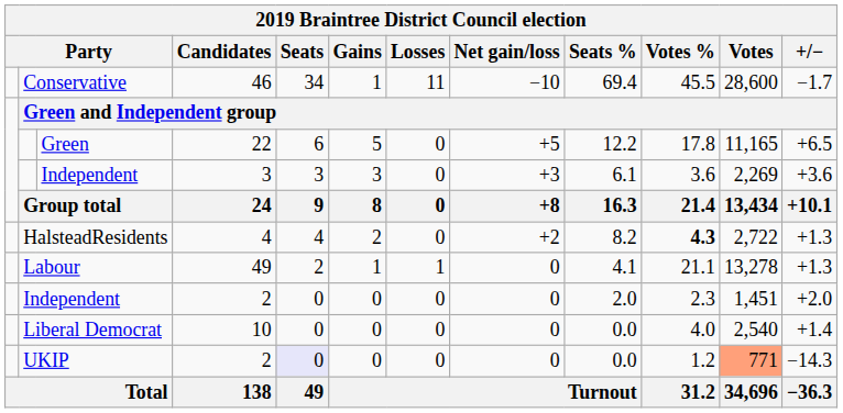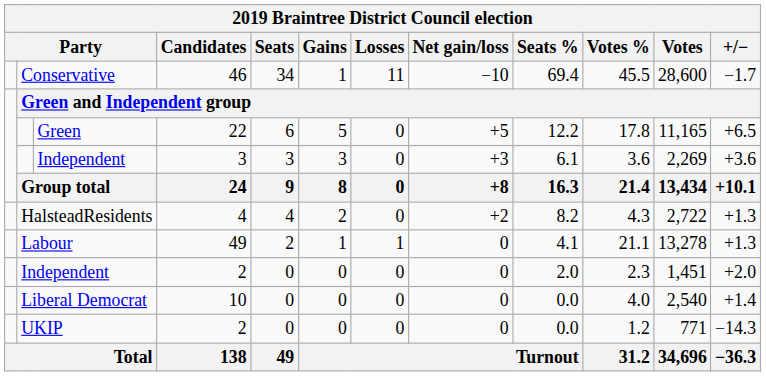 <table class="wikitable">
 <tr>
 <th colspan="12">2019 Braintree District Council election</th>
 </tr>
 <tr>
 <th colspan="3">Party</th>
 <th>Candidates</th>
 <th>Seats</th>
 <th>Gains</th>
 <th>Losses</th>
 <th>Net gain/loss</th>
 <th>Seats %</th>
 <th>Votes %</th>
 <th>Votes</th>
 <th>+/−</th>
 </tr>
 <tr>
 <td style="background-color: "> </td>
 <td colspan="2"><a href='#'>Conservative</a></td>
 <td style="text-align: right">46</td>
 <td style="text-align: right">34</td>
 <td style="text-align: right">1</td>
 <td style="text-align: right">11</td>
 <td style="text-align: right">−10</td>
 <td style="text-align: right">69.4</td>
 <td style="text-align: right">45.5</td>
 <td style="text-align: right">28,600</td>
 <td style="text-align: right">−1.7</td>
 </tr>
 <tr>
 <td rowspan="4"></td>
 <th colspan="11" style="text-align: left"><a href='#'>Green</a> and <a href='#'>Independent</a> group</th>
 </tr>
 <tr>
 <td style="background-color: "> </td>
 <td><a href='#'>Green</a></td>
 <td style="text-align: right">22</td>
 <td style="text-align: right">6</td>
 <td style="text-align: right">5</td>
 <td style="text-align: right">0</td>
 <td style="text-align: right">+5</td>
 <td style="text-align: right">12.2</td>
 <td style="text-align: right">17.8</td>
 <td style="text-align: right">11,165</td>
 <td style="text-align: right">+6.5</td>
 </tr>
 <tr>
 <td style="background-color: "> </td>
 <td><a href='#'>Independent</a></td>
 <td style="text-align: right">3</td>
 <td style="text-align: right">3</td>
 <td style="text-align: right">3</td>
 <td style="text-align: right">0</td>
 <td style="text-align: right">+3</td>
 <td style="text-align: right">6.1</td>
 <td style="text-align: right">3.6</td>
 <td style="text-align: right">2,269</td>
 <td style="text-align: right">+3.6</td>
 </tr>
 <tr>
 <th colspan="2" style="text-align: left">Group total</th>
 <th style="text-align: right">24</th>
 <th style="text-align: right">9</th>
 <th style="text-align: right">8</th>
 <th style="text-align: right">0</th>
 <th style="text-align: right">+8</th>
 <th style="text-align: right">16.3</th>
 <th style="text-align: right">21.4</th>
 <th style="text-align: right">13,434</th>
 <th style="text-align: right">+10.1</th>
 </tr>
 <tr>
 <td style="background-color: "> </td>
 <td colspan="2">HalsteadResidents</td>
 <td style="text-align: right">4</td>
 <td style="text-align: right">4</td>
 <td style="text-align: right">2</td>
 <td style="text-align: right">0</td>
 <td style="text-align: right">+2</td>
 <td style="text-align: right">8.2</td>
-<td style="text-align: right"><strong>4.3</strong></td>
+<td style="text-align: right">4.3</td>
 <td style="text-align: right">2,722</td>
 <td style="text-align: right">+1.3</td>
 </tr>
 <tr>
 <td style="background-color: "> </td>
 <td colspan="2"><a href='#'>Labour</a></td>
 <td style="text-align: right">49</td>
 <td style="text-align: right">2</td>
 <td style="text-align: right">1</td>
 <td style="text-align: right">1</td>
 <td style="text-align: right">0</td>
 <td style="text-align: right">4.1</td>
 <td style="text-align: right">21.1</td>
 <td style="text-align: right">13,278</td>
 <td style="text-align: right">+1.3</td>
 </tr>
 <tr>
 <td style="background-color: "> </td>
 <td colspan="2"><a href='#'>Independent</a></td>
 <td style="text-align: right">2</td>
 <td style="text-align: right">0</td>
 <td style="text-align: right">0</td>
 <td style="text-align: right">0</td>
 <td style="text-align: right">0</td>
 <td style="text-align: right">2.0</td>
 <td style="text-align: right">2.3</td>
 <td style="text-align: right">1,451</td>
 <td style="text-align: right">+2.0</td>
 </tr>
 <tr>
 <td style="background-color: "> </td>
 <td colspan="2"><a href='#'>Liberal Democrat</a></td>
 <td style="text-align: right">10</td>
 <td style="text-align: right">0</td>
 <td style="text-align: right">0</td>
 <td style="text-align: right">0</td>
 <td style="text-align: right">0</td>
 <td style="text-align: right">0.0</td>
 <td style="text-align: right">4.0</td>
 <td style="text-align: right">2,540</td>
 <td style="text-align: right">+1.4</td>
 </tr>
 <tr>
 <td style="background-color: "> </td>
 <td colspan="2"><a href='#'>UKIP</a></td>
 <td style="text-align: right">2</td>
-<td style="background: lavender; text-align: right">0</td>
+<td style="text-align: right">0</td>
 <td style="text-align: right">0</td>
 <td style="text-align: right">0</td>
 <td style="text-align: right">0</td>
 <td style="text-align: right">0.0</td>
 <td style="text-align: right">1.2</td>
-<td style="background: lightsalmon; text-align: right">771</td>
+<td style="text-align: right">771</td>
 <td style="text-align: right">−14.3</td>
 </tr>
 <tr>
 <th colspan="3" style="text-align: right">Total</th>
 <th style="text-align: right">138</th>
 <th style="text-align: right">49</th>
 <th colspan="4" style="text-align: right">Turnout</th>
 <th style="text-align: right">31.2</th>
 <th style="text-align: right">34,696</th>
 <th>−36.3</th>
 </tr>
 </table>
